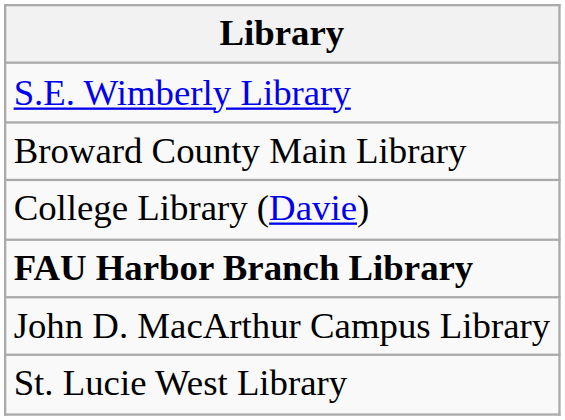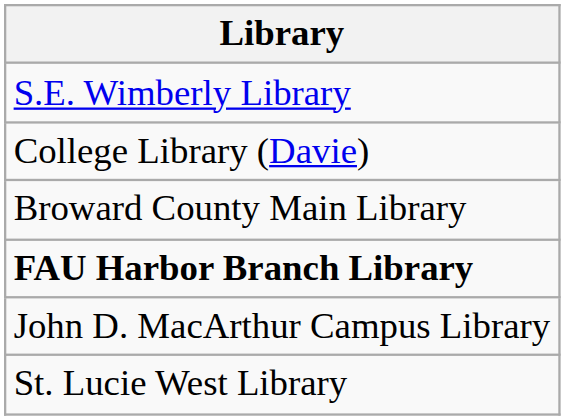 <table class="wikitable sortable">
 <tr>
 <th>Library</th>
 </tr>
 <tr valign="top">
 <td><a href='#'>S.E. Wimberly Library</a></td>
 </tr>
 <tr valign="top">
-<td>Broward County Main Library</td>
+<td>College Library (<a href='#'>Davie</a>)</td>
 </tr>
 <tr valign="top">
-<td>College Library (<a href='#'>Davie</a>)</td>
+<td>Broward County Main Library</td>
 </tr>
 <tr valign="top">
 <td><strong>FAU Harbor Branch Library</strong></td>
 </tr>
 <tr valign="top">
 <td>John D. MacArthur Campus Library</td>
 </tr>
 <tr valign="top">
 <td>St. Lucie West Library</td>
 </tr>
 </table>
